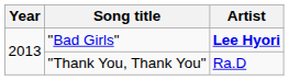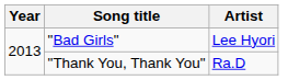 <table class="wikitable">
 <tr>
 <th scope="col">Year</th>
 <th scope="col">Song title</th>
 <th scope="col">Artist</th>
 </tr>
 <tr>
 <td rowspan="2">2013</td>
 <td>"<a href='#'>Bad Girls</a>"</td>
-<td><strong><a href='#'>Lee Hyori</a></strong></td>
+<td><a href='#'>Lee Hyori</a></td>
 </tr>
 <tr>
 <td>"Thank You, Thank You"</td>
 <td><a href='#'>Ra.D</a></td>
 </tr>
 </table>
